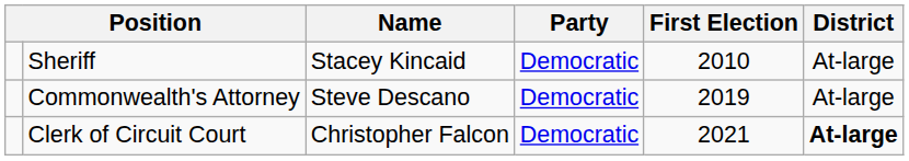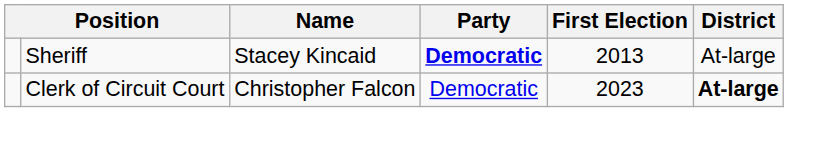 <table class=wikitable>
 <tr>
 <th colspan="2" style="text-align:center; vertical-align:bottom;">Position</th>
 <th style="text-align:center;">Name</th>
 <th valign=bottom>Party</th>
 <th style="vertical-align:bottom; text-align:center;">First Election</th>
 <th style="vertical-align:bottom; text-align:center;">District</th>
 </tr>
 <tr>
 <td style="background-color:"> </td>
 <td>Sheriff</td>
 <td>Stacey Kincaid</td>
-<td style="text-align:center;"><a href='#'>Democratic</a></td>
-<td style="text-align:center;">2010</td>
-<td style="text-align:center;">At-large</td>
-</tr>
-<tr>
-<td style="background-color:"> </td>
-<td>Commonwealth's Attorney</td>
-<td>Steve Descano</td>
-<td style="text-align:center;"><a href='#'>Democratic</a></td>
-<td style="text-align:center;">2019</td>
+<td style="text-align:center;"><strong><a href='#'>Democratic</a></strong></td>
+<td style="text-align:center;">2013</td>
 <td style="text-align:center;">At-large</td>
 </tr>
 <tr>
 <td style="background-color:"> </td>
 <td>Clerk of Circuit Court</td>
 <td>Christopher Falcon</td>
 <td style="text-align:center;"><a href='#'>Democratic</a></td>
-<td style="text-align:center;">2021</td>
+<td style="text-align:center;">2023</td>
 <td style="text-align:center;"><strong>At-large</strong></td>
 </tr>
 </table>
